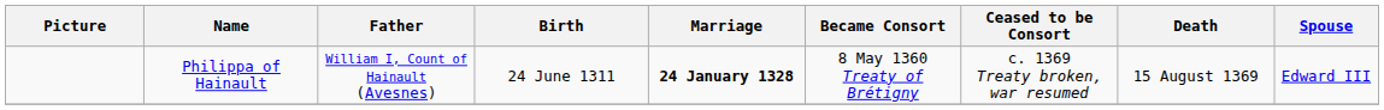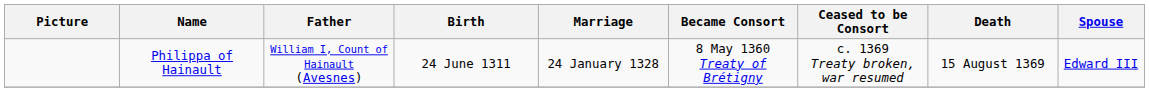 <table width=95% class="wikitable">
 <tr>
 <th width = "8%">Picture</th>
 <th width = "10%">Name</th>
 <th width = "9%">Father</th>
 <th width = "10%">Birth</th>
 <th width = "9%">Marriage</th>
 <th width = "9%">Became Consort</th>
 <th width = "9%">Ceased to be Consort</th>
 <th width = "9%">Death</th>
 <th width = "6%"><a href='#'>Spouse</a></th>
 </tr>
 <tr>
 <td align="center"></td>
 <td align="center"><a href='#'>Philippa of Hainault</a></td>
 <td align=center><small><a href='#'>William I, Count of Hainault</a></small> <br>(<a href='#'>Avesnes</a>)</td>
 <td align="center">24 June 1311</td>
-<td align="center"><strong>24 January 1328</strong></td>
+<td align="center">24 January 1328</td>
 <td align="center">8 May 1360<br><em><a href='#'>Treaty of Brétigny</a></em></td>
 <td align="center">c. 1369<br><em>Treaty broken, war resumed</em></td>
 <td align="center">15 August 1369</td>
 <td align="center"><a href='#'>Edward III</a></td>
 </tr>
 <tr>
 </tr>
 </table>
